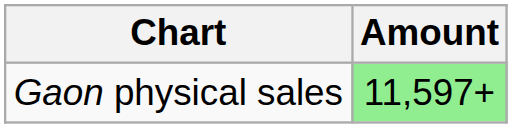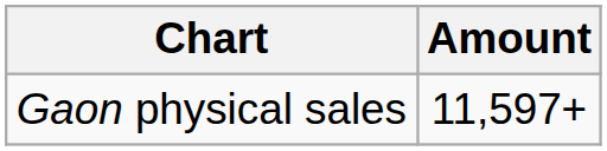 <table class="wikitable">
 <tr>
 <th>Chart</th>
 <th>Amount</th>
 </tr>
 <tr>
 <td><em>Gaon</em> physical sales</td>
-<td align="center" style="background: lightgreen;">11,597+</td>
+<td align="center">11,597+</td>
 </tr>
 </table>
